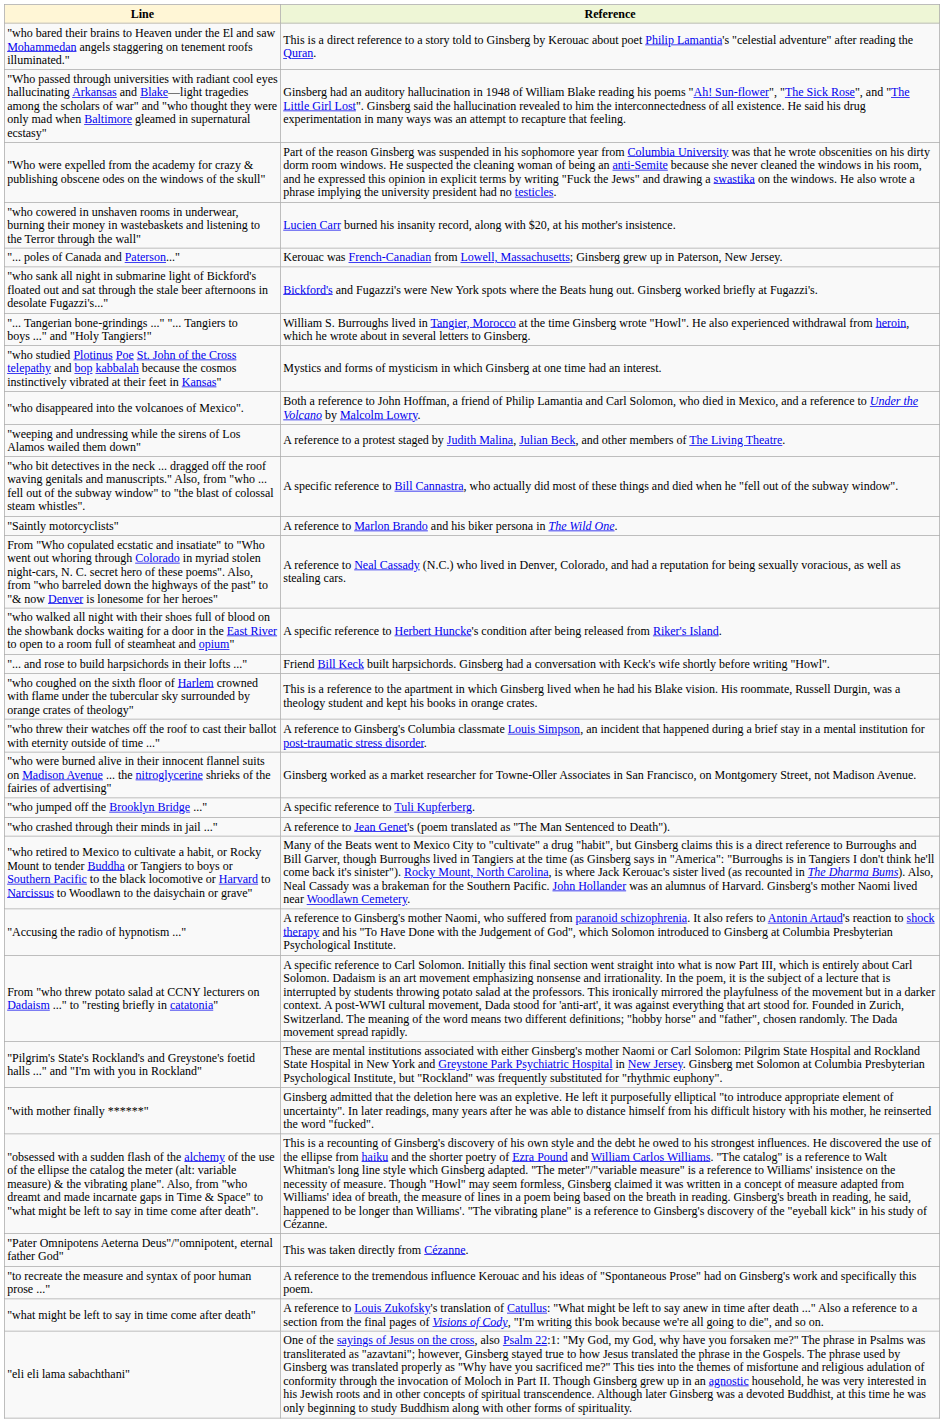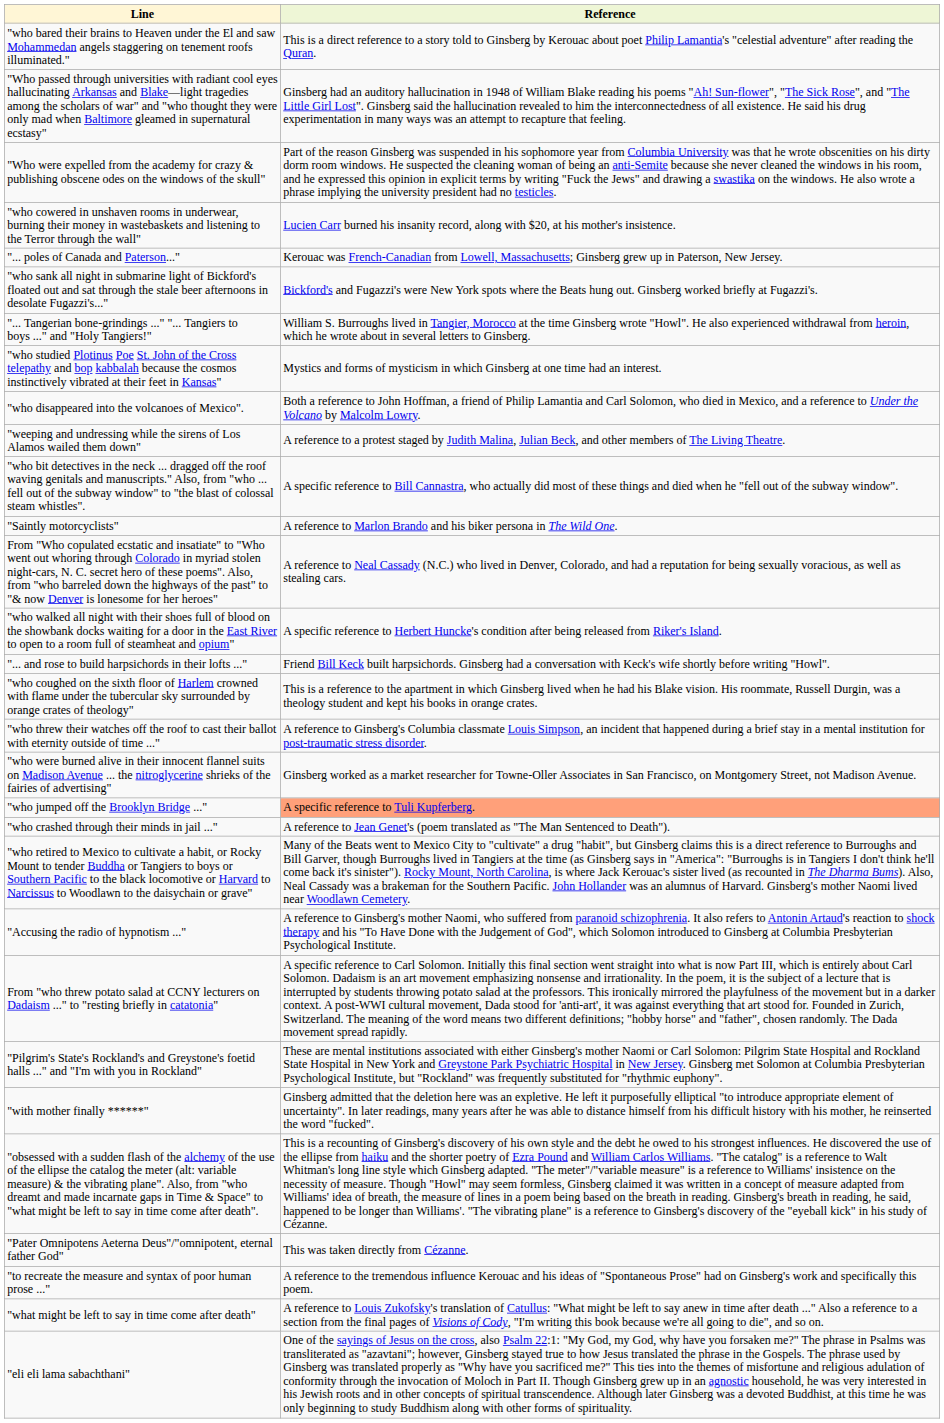 <table class="wikitable">
 <tr>
 <th style="background:#FFF6D6;">Line</th>
 <th colspan="2" style="background:#EEF6D6;">Reference</th>
 </tr>
 <tr>
 <td>"who bared their brains to Heaven under the El and saw <a href='#'>Mohammedan</a> angels staggering on tenement roofs illuminated."</td>
 <td>This is a direct reference to a story told to Ginsberg by Kerouac about poet <a href='#'>Philip Lamantia</a>'s "celestial adventure" after reading the <a href='#'>Quran</a>.</td>
 </tr>
 <tr>
 <td>"Who passed through universities with radiant cool eyes hallucinating <a href='#'>Arkansas</a> and <a href='#'>Blake</a>—light tragedies among the scholars of war" and "who thought they were only mad when <a href='#'>Baltimore</a> gleamed in supernatural ecstasy"</td>
 <td>Ginsberg had an auditory hallucination in 1948 of William Blake reading his poems "<a href='#'>Ah! Sun-flower</a>", "<a href='#'>The Sick Rose</a>", and "<a href='#'>The Little Girl Lost</a>". Ginsberg said the hallucination revealed to him the interconnectedness of all existence. He said his drug experimentation in many ways was an attempt to recapture that feeling.</td>
 </tr>
 <tr>
 <td>"Who were expelled from the academy for crazy & publishing obscene odes on the windows of the skull"</td>
 <td>Part of the reason Ginsberg was suspended in his sophomore year from <a href='#'>Columbia University</a> was that he wrote obscenities on his dirty dorm room windows. He suspected the cleaning woman of being an <a href='#'>anti-Semite</a> because she never cleaned the windows in his room, and he expressed this opinion in explicit terms by writing "Fuck the Jews" and drawing a <a href='#'>swastika</a> on the windows. He also wrote a phrase implying the university president had no <a href='#'>testicles</a>.</td>
 </tr>
 <tr>
 <td>"who cowered in unshaven rooms in underwear, burning their money in wastebaskets and listening to the Terror through the wall"</td>
 <td><a href='#'>Lucien Carr</a> burned his insanity record, along with $20, at his mother's insistence.</td>
 </tr>
 <tr>
 <td>"... poles of Canada and <a href='#'>Paterson</a>..."</td>
 <td>Kerouac was <a href='#'>French-Canadian</a> from <a href='#'>Lowell, Massachusetts</a>; Ginsberg grew up in Paterson, New Jersey.</td>
 </tr>
 <tr>
 <td>"who sank all night in submarine light of Bickford's floated out and sat through the stale beer afternoons in desolate Fugazzi's..."</td>
 <td><a href='#'>Bickford's</a> and Fugazzi's were New York spots where the Beats hung out. Ginsberg worked briefly at Fugazzi's.</td>
 </tr>
 <tr>
 <td>"... Tangerian bone-grindings ..." "... Tangiers to boys ..." and "Holy Tangiers!"</td>
 <td>William S. Burroughs lived in <a href='#'>Tangier, Morocco</a> at the time Ginsberg wrote "Howl". He also experienced withdrawal from <a href='#'>heroin</a>, which he wrote about in several letters to Ginsberg.</td>
 </tr>
 <tr>
 <td>"who studied <a href='#'>Plotinus</a> <a href='#'>Poe</a> <a href='#'>St. John of the Cross</a> <a href='#'>telepathy</a> and <a href='#'>bop</a> <a href='#'>kabbalah</a> because the cosmos instinctively vibrated at their feet in <a href='#'>Kansas</a>"</td>
 <td>Mystics and forms of mysticism in which Ginsberg at one time had an interest.</td>
 </tr>
 <tr>
 <td>"who disappeared into the volcanoes of Mexico".</td>
 <td>Both a reference to John Hoffman, a friend of Philip Lamantia and Carl Solomon, who died in Mexico, and a reference to <em><a href='#'>Under the Volcano</a></em> by <a href='#'>Malcolm Lowry</a>.</td>
 </tr>
 <tr>
 <td>"weeping and undressing while the sirens of Los Alamos wailed them down"</td>
 <td>A reference to a protest staged by <a href='#'>Judith Malina</a>, <a href='#'>Julian Beck</a>, and other members of <a href='#'>The Living Theatre</a>.</td>
 </tr>
 <tr>
 <td>"who bit detectives in the neck ... dragged off the roof waving genitals and manuscripts." Also, from "who ... fell out of the subway window" to "the blast of colossal steam whistles".</td>
 <td>A specific reference to <a href='#'>Bill Cannastra</a>, who actually did most of these things and died when he "fell out of the subway window".</td>
 </tr>
 <tr>
 <td>"Saintly motorcyclists"</td>
 <td>A reference to <a href='#'>Marlon Brando</a> and his biker persona in <em><a href='#'>The Wild One</a></em>.</td>
 </tr>
 <tr>
 <td>From "Who copulated ecstatic and insatiate" to "Who went out whoring through <a href='#'>Colorado</a> in myriad stolen night-cars, N. C. secret hero of these poems". Also, from "who barreled down the highways of the past" to "& now <a href='#'>Denver</a> is lonesome for her heroes"</td>
 <td>A reference to <a href='#'>Neal Cassady</a> (N.C.) who lived in Denver, Colorado, and had a reputation for being sexually voracious, as well as stealing cars.</td>
 </tr>
 <tr>
 <td>"who walked all night with their shoes full of blood on the showbank docks waiting for a door in the <a href='#'>East River</a> to open to a room full of steamheat and <a href='#'>opium</a>"</td>
 <td>A specific reference to <a href='#'>Herbert Huncke</a>'s condition after being released from <a href='#'>Riker's Island</a>.</td>
 </tr>
 <tr>
 <td>"... and rose to build harpsichords in their lofts ..."</td>
 <td>Friend <a href='#'>Bill Keck</a> built harpsichords. Ginsberg had a conversation with Keck's wife shortly before writing "Howl".</td>
 </tr>
 <tr>
 <td>"who coughed on the sixth floor of <a href='#'>Harlem</a> crowned with flame under the tubercular sky surrounded by orange crates of theology"</td>
 <td>This is a reference to the apartment in which Ginsberg lived when he had his Blake vision. His roommate, Russell Durgin, was a theology student and kept his books in orange crates.</td>
 </tr>
 <tr>
 <td>"who threw their watches off the roof to cast their ballot with eternity outside of time ..."</td>
 <td>A reference to Ginsberg's Columbia classmate <a href='#'>Louis Simpson</a>, an incident that happened during a brief stay in a mental institution for <a href='#'>post-traumatic stress disorder</a>.</td>
 </tr>
 <tr>
 <td>"who were burned alive in their innocent flannel suits on <a href='#'>Madison Avenue</a> ... the <a href='#'>nitroglycerine</a> shrieks of the fairies of advertising"</td>
 <td>Ginsberg worked as a market researcher for Towne-Oller Associates in San Francisco, on Montgomery Street, not Madison Avenue.</td>
 </tr>
 <tr>
 <td>"who jumped off the <a href='#'>Brooklyn Bridge</a> ..."</td>
-<td>A specific reference to <a href='#'>Tuli Kupferberg</a>.</td>
+<td style="background: lightsalmon;">A specific reference to <a href='#'>Tuli Kupferberg</a>.</td>
 </tr>
 <tr>
 <td>"who crashed through their minds in jail ..."</td>
 <td>A reference to <a href='#'>Jean Genet</a>'s  (poem translated as "The Man Sentenced to Death").</td>
 </tr>
 <tr>
 <td>"who retired to Mexico to cultivate a habit, or Rocky Mount to tender <a href='#'>Buddha</a> or Tangiers to boys or <a href='#'>Southern Pacific</a> to the black locomotive or <a href='#'>Harvard</a> to <a href='#'>Narcissus</a> to Woodlawn to the daisychain or grave"</td>
 <td>Many of the Beats went to Mexico City to "cultivate" a drug "habit", but Ginsberg claims this is a direct reference to Burroughs and Bill Garver, though Burroughs lived in Tangiers at the time (as Ginsberg says in "America": "Burroughs is in Tangiers I don't think he'll come back it's sinister"). <a href='#'>Rocky Mount, North Carolina</a>, is where Jack Kerouac's sister lived (as recounted in <em><a href='#'>The Dharma Bums</a></em>). Also, Neal Cassady was a brakeman for the Southern Pacific. <a href='#'>John Hollander</a> was an alumnus of Harvard. Ginsberg's mother Naomi lived near <a href='#'>Woodlawn Cemetery</a>.</td>
 </tr>
 <tr>
 <td>"Accusing the radio of hypnotism ..."</td>
 <td>A reference to Ginsberg's mother Naomi, who suffered from <a href='#'>paranoid schizophrenia</a>. It also refers to <a href='#'>Antonin Artaud</a>'s reaction to <a href='#'>shock therapy</a> and his "To Have Done with the Judgement of God", which Solomon introduced to Ginsberg at Columbia Presbyterian Psychological Institute.</td>
 </tr>
 <tr>
 <td>From "who threw potato salad at CCNY lecturers on <a href='#'>Dadaism</a> ..." to "resting briefly in <a href='#'>catatonia</a>"</td>
 <td>A specific reference to Carl Solomon. Initially this final section went straight into what is now Part III, which is entirely about Carl Solomon. Dadaism is an art movement emphasizing nonsense and irrationality. In the poem, it is the subject of a lecture that is interrupted by students throwing potato salad at the professors. This ironically mirrored the playfulness of the movement but in a darker context. A post-WWI cultural movement, Dada stood for 'anti-art', it was against everything that art stood for. Founded in Zurich, Switzerland. The meaning of the word means two different definitions; "hobby horse" and "father", chosen randomly. The Dada movement spread rapidly.</td>
 </tr>
 <tr>
 <td>"Pilgrim's State's Rockland's and Greystone's foetid halls ..." and "I'm with you in Rockland"</td>
 <td>These are mental institutions associated with either Ginsberg's mother Naomi or Carl Solomon: Pilgrim State Hospital and Rockland State Hospital in New York and <a href='#'>Greystone Park Psychiatric Hospital</a> in <a href='#'>New Jersey</a>. Ginsberg met Solomon at Columbia Presbyterian Psychological Institute, but "Rockland" was frequently substituted for "rhythmic euphony".</td>
 </tr>
 <tr>
 <td>"with mother finally ******"</td>
 <td>Ginsberg admitted that the deletion here was an expletive. He left it purposefully elliptical "to introduce appropriate element of uncertainty". In later readings, many years after he was able to distance himself from his difficult history with his mother, he reinserted the word "fucked".</td>
 </tr>
 <tr>
 <td>"obsessed with a sudden flash of the <a href='#'>alchemy</a> of the use of the ellipse the catalog the meter (alt: variable measure) & the vibrating plane". Also, from "who dreamt and made incarnate gaps in Time & Space" to "what might be left to say in time come after death".</td>
 <td>This is a recounting of Ginsberg's discovery of his own style and the debt he owed to his strongest influences. He discovered the use of the ellipse from <a href='#'>haiku</a> and the shorter poetry of <a href='#'>Ezra Pound</a> and <a href='#'>William Carlos Williams</a>. "The catalog" is a reference to Walt Whitman's long line style which Ginsberg adapted. "The meter"/"variable measure" is a reference to Williams' insistence on the necessity of measure. Though "Howl" may seem formless, Ginsberg claimed it was written in a concept of measure adapted from Williams' idea of breath, the measure of lines in a poem being based on the breath in reading. Ginsberg's breath in reading, he said, happened to be longer than Williams'. "The vibrating plane" is a reference to Ginsberg's discovery of the "eyeball kick" in his study of Cézanne.</td>
 </tr>
 <tr>
 <td>"Pater Omnipotens Aeterna Deus"/"omnipotent, eternal father God"</td>
 <td>This was taken directly from <a href='#'>Cézanne</a>.</td>
 </tr>
 <tr>
 <td>"to recreate the measure and syntax of poor human prose ..."</td>
 <td>A reference to the tremendous influence Kerouac and his ideas of "Spontaneous Prose" had on Ginsberg's work and specifically this poem.</td>
 </tr>
 <tr>
 <td>"what might be left to say in time come after death"</td>
 <td>A reference to <a href='#'>Louis Zukofsky</a>'s translation of <a href='#'>Catullus</a>: "What might be left to say anew in time after death ..." Also a reference to a section from the final pages of <em><a href='#'>Visions of Cody</a></em>, "I'm writing this book because we're all going to die", and so on.</td>
 </tr>
 <tr>
 <td>"eli eli lama sabachthani"</td>
 <td>One of the <a href='#'>sayings of Jesus on the cross</a>, also <a href='#'>Psalm 22</a>:1: "My God, my God, why have you forsaken me?" The phrase in Psalms was transliterated as "azavtani"; however, Ginsberg stayed true to how Jesus translated the phrase in the Gospels. The phrase used by Ginsberg was translated properly as "Why have you sacrificed me?" This ties into the themes of misfortune and religious adulation of conformity through the invocation of Moloch in Part II. Though Ginsberg grew up in an <a href='#'>agnostic</a> household, he was very interested in his Jewish roots and in other concepts of spiritual transcendence. Although later Ginsberg was a devoted Buddhist, at this time he was only beginning to study Buddhism along with other forms of spirituality.</td>
 </tr>
 </table>
